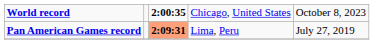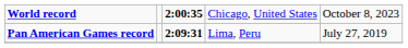 <table class="wikitable">
 <tr>
 <td><strong><a href='#'>World record</a></strong></td>
 <td></td>
 <td><strong>2:00:35</strong></td>
 <td><a href='#'>Chicago</a>, <a href='#'>United States</a></td>
 <td>October 8, 2023</td>
 </tr>
 <tr>
 <td><strong><a href='#'>Pan American Games record</a></strong></td>
 <td></td>
-<td style="background: lightsalmon;"><strong>2:09:31</strong></td>
+<td><strong>2:09:31</strong></td>
 <td><a href='#'>Lima</a>, <a href='#'>Peru</a></td>
 <td>July 27, 2019</td>
 </tr>
 <tr>
 </tr>
 </table>
